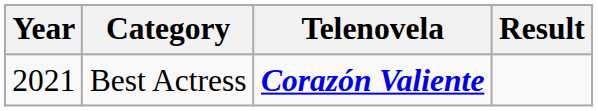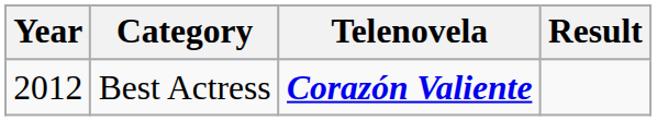 <table class="wikitable">
 <tr style="background:#b0c4de;">
 <th>Year</th>
 <th>Category</th>
 <th>Telenovela</th>
 <th>Result</th>
 </tr>
 <tr>
-<td>2021</td>
+<td>2012</td>
 <td>Best Actress</td>
 <td><strong><em><a href='#'>Corazón Valiente</a></em></strong></td>
 <td></td>
 </tr>
 </table>
